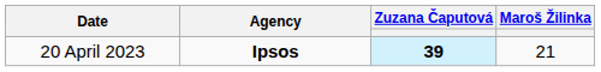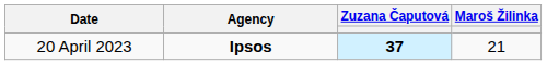 <table class="wikitable" style="text-align:center;">
 <tr style="font-size:80%;">
 <th style="width:150px;" rowspan="2">Date</th>
 <th style="width:165px;" rowspan="2">Agency</th>
 <th><a href='#'>Zuzana Čaputová</a></th>
 <th><a href='#'>Maroš Žilinka</a></th>
 </tr>
 <tr>
 <th style="background:"></th>
 <th style="background:"></th>
 </tr>
 <tr>
 <td>20 April 2023</td>
 <td><strong>Ipsos</strong></td>
-<td style="background:#D1F1FF"><strong>39</strong></td>
+<td style="background:#D1F1FF"><strong>37</strong></td>
 <td>21</td>
 </tr>
 </table>
